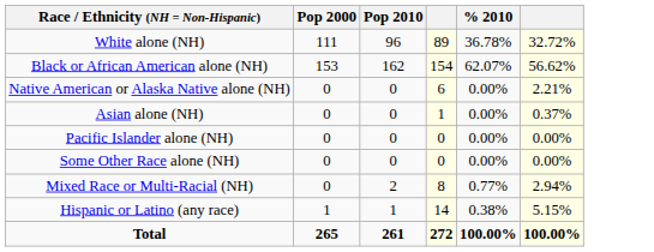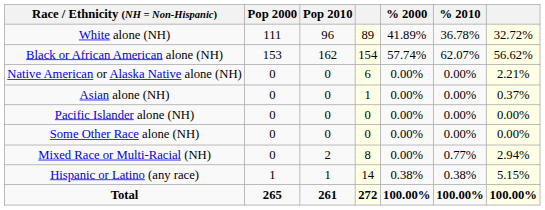 <table class="wikitable" style="text-align:center;">
 <tr>
 <th>Race / Ethnicity <small>(<em>NH = Non-Hispanic</em>)</small></th>
 <th>Pop 2000</th>
 <th>Pop 2010</th>
 <th></th>
+<th>% 2000</th>
 <th>% 2010</th>
 <th></th>
 </tr>
 <tr>
 <td><a href='#'>White</a> alone (NH)</td>
 <td>111</td>
 <td>96</td>
 <td style='background: #ffffe6;'>89</td>
+<td>41.89%</td>
 <td>36.78%</td>
 <td style='background: #ffffe6;'>32.72%</td>
 </tr>
 <tr>
 <td><a href='#'>Black or African American</a> alone (NH)</td>
 <td>153</td>
 <td>162</td>
 <td style='background: #ffffe6;'>154</td>
+<td>57.74%</td>
 <td>62.07%</td>
 <td style='background: #ffffe6;'>56.62%</td>
 </tr>
 <tr>
 <td><a href='#'>Native American</a> or <a href='#'>Alaska Native</a> alone (NH)</td>
 <td>0</td>
 <td>0</td>
 <td style='background: #ffffe6;'>6</td>
 <td>0.00%</td>
+<td>0.00%</td>
 <td style='background: #ffffe6;'>2.21%</td>
 </tr>
 <tr>
 <td><a href='#'>Asian</a> alone (NH)</td>
 <td>0</td>
 <td>0</td>
 <td style='background: #ffffe6;'>1</td>
+<td>0.00%</td>
 <td>0.00%</td>
 <td style='background: #ffffe6;'>0.37%</td>
 </tr>
 <tr>
 <td><a href='#'>Pacific Islander</a> alone (NH)</td>
 <td>0</td>
 <td>0</td>
 <td style='background: #ffffe6;'>0</td>
 <td>0.00%</td>
+<td>0.00%</td>
 <td style='background: #ffffe6;'>0.00%</td>
 </tr>
 <tr>
 <td><a href='#'>Some Other Race</a> alone (NH)</td>
 <td>0</td>
 <td>0</td>
 <td style='background: #ffffe6;'>0</td>
 <td>0.00%</td>
+<td>0.00%</td>
 <td style='background: #ffffe6;'>0.00%</td>
 </tr>
 <tr>
 <td><a href='#'>Mixed Race or Multi-Racial</a> (NH)</td>
 <td>0</td>
 <td>2</td>
 <td style='background: #ffffe6;'>8</td>
+<td>0.00%</td>
 <td>0.77%</td>
 <td style='background: #ffffe6;'>2.94%</td>
 </tr>
 <tr>
 <td><a href='#'>Hispanic or Latino</a> (any race)</td>
 <td>1</td>
 <td>1</td>
 <td style='background: #ffffe6;'>14</td>
 <td>0.38%</td>
+<td>0.38%</td>
 <td style='background: #ffffe6;'>5.15%</td>
 </tr>
 <tr>
 <td><strong>Total</strong></td>
 <td><strong>265</strong></td>
 <td><strong>261</strong></td>
 <td style='background: #ffffe6;'><strong>272</strong></td>
 <td><strong>100.00%</strong></td>
+<td><strong>100.00%</strong></td>
 <td style='background: #ffffe6;'><strong>100.00%</strong></td>
 </tr>
 </table>
